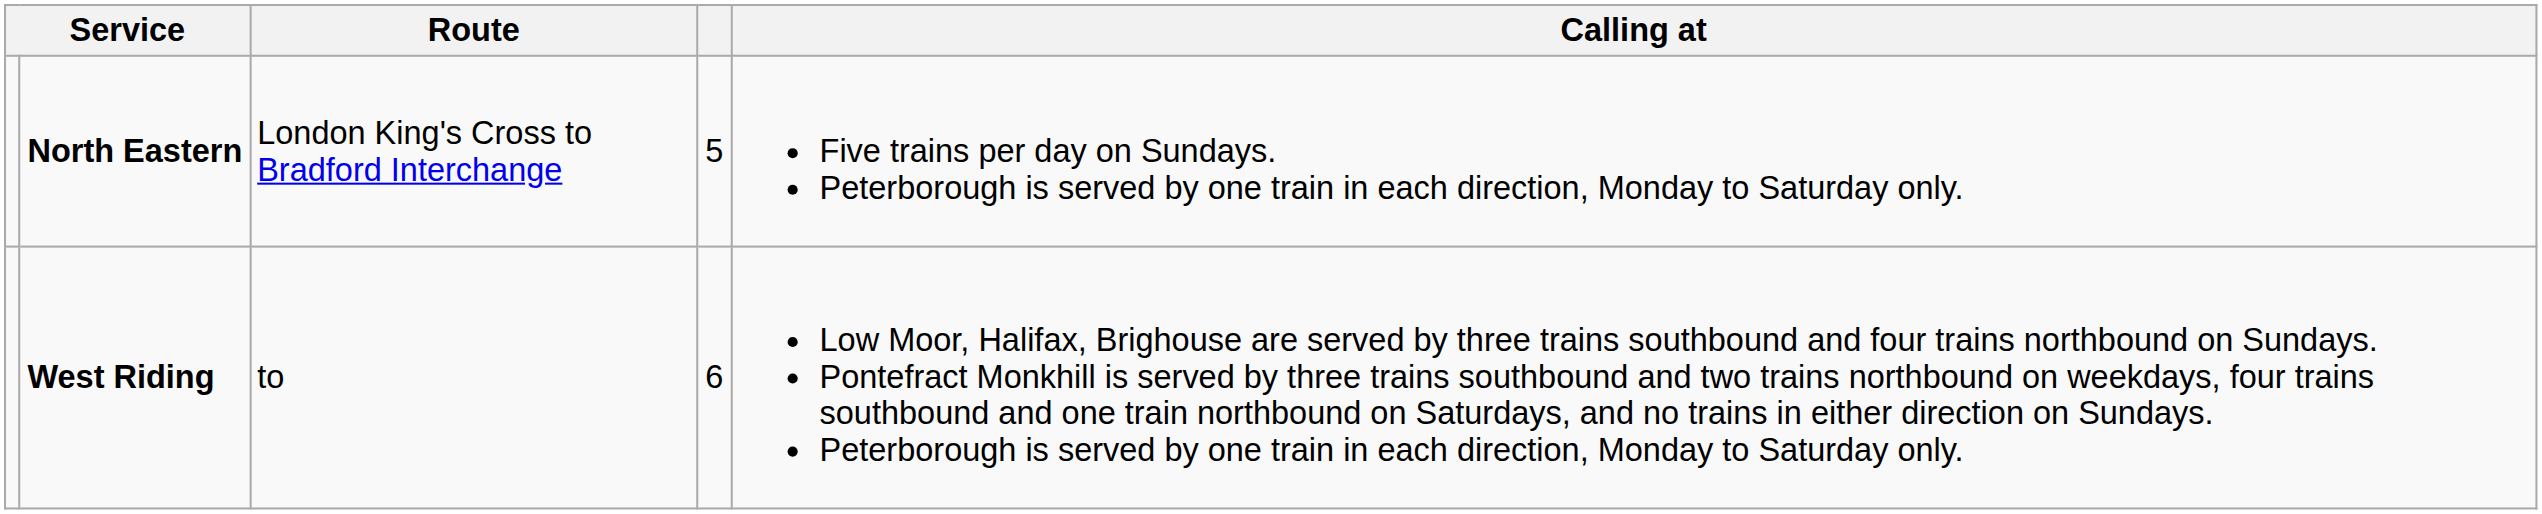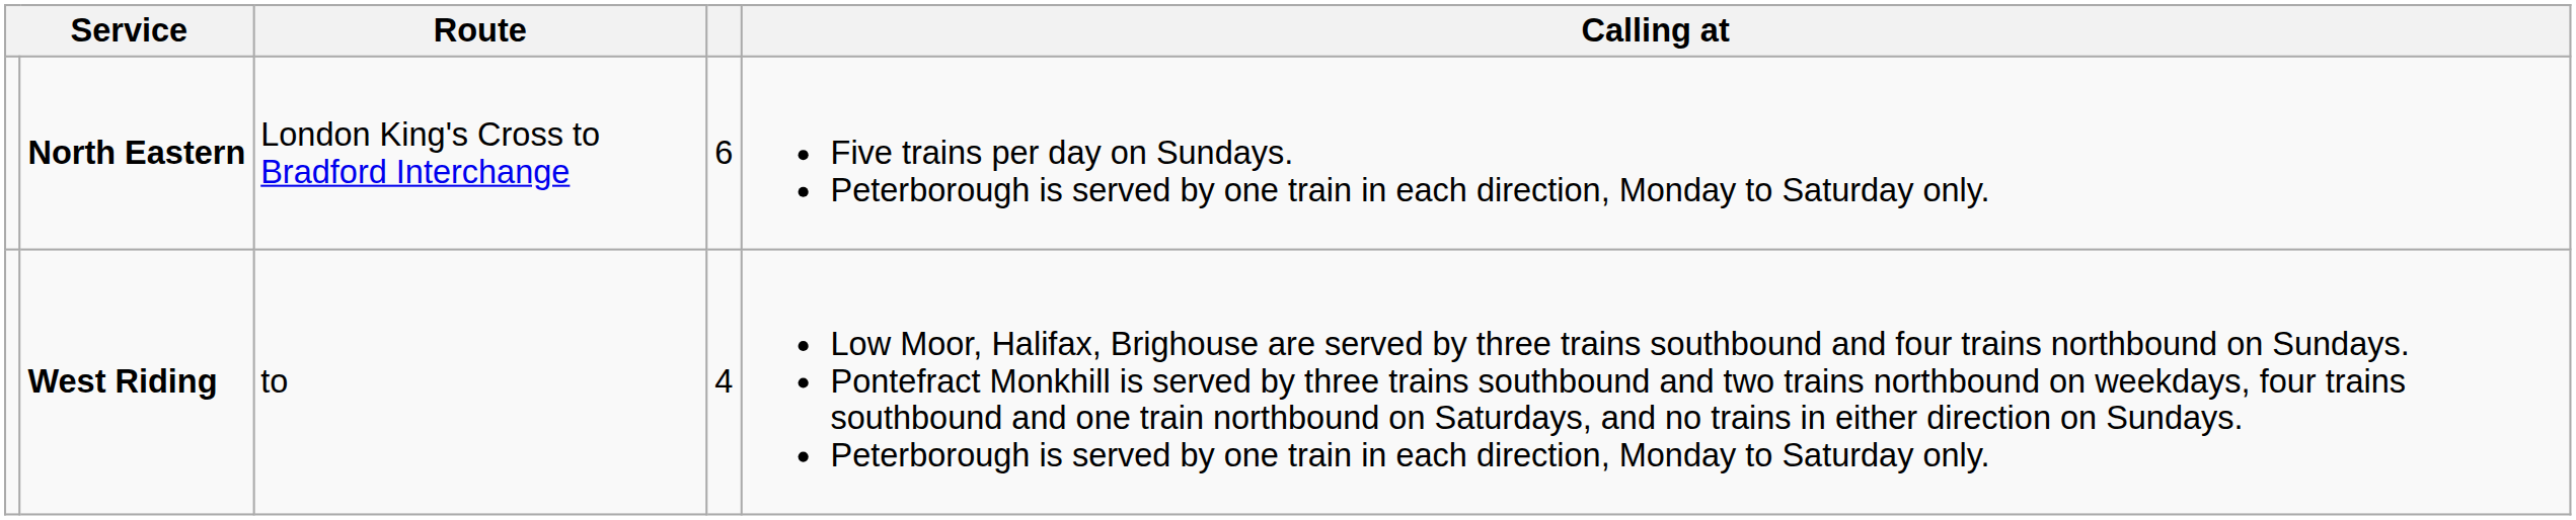 <table class="wikitable">
 <tr>
 <th colspan="2">Service</th>
 <th>Route</th>
 <th></th>
 <th>Calling at</th>
 </tr>
 <tr>
 <td style="background-color:#"></td>
 <td><strong>North Eastern</strong></td>
 <td>London King's Cross to <a href='#'>Bradford Interchange</a></td>
-<td>5</td>
+<td>6</td>
 <td><br><ul><li>Five trains per day on Sundays.</li><li>Peterborough is served by one train in each direction, Monday to Saturday only.</li></ul></td>
 </tr>
 <tr>
 <td style="background-color:#"></td>
 <td><strong>West Riding</strong></td>
 <td> to </td>
-<td>6</td>
+<td>4</td>
 <td><br><ul><li>Low Moor, Halifax, Brighouse are served by three trains southbound and four trains northbound on Sundays.</li><li>Pontefract Monkhill is served by three trains southbound and two trains northbound on weekdays, four trains southbound and one train northbound on Saturdays, and no trains in either direction on Sundays.</li><li>Peterborough is served by one train in each direction, Monday to Saturday only.</li></ul></td>
 </tr>
 </table>
